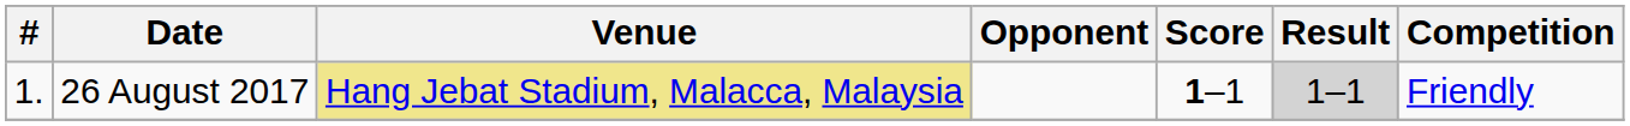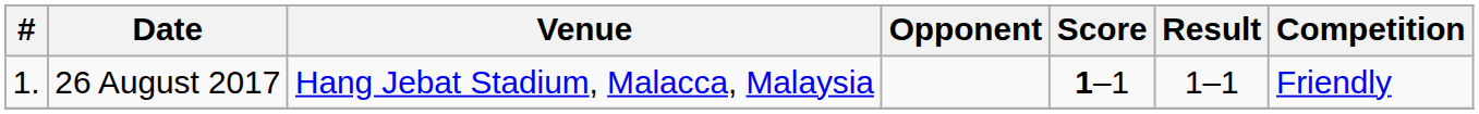 <table class="wikitable">
 <tr>
 <th>#</th>
 <th>Date</th>
 <th>Venue</th>
 <th>Opponent</th>
 <th>Score</th>
 <th>Result</th>
 <th>Competition</th>
 </tr>
 <tr>
 <td>1.</td>
 <td>26 August 2017</td>
-<td style="background: khaki;"><a href='#'>Hang Jebat Stadium</a>, <a href='#'>Malacca</a>, <a href='#'>Malaysia</a></td>
+<td><a href='#'>Hang Jebat Stadium</a>, <a href='#'>Malacca</a>, <a href='#'>Malaysia</a></td>
 <td></td>
 <td align=center><strong>1</strong>–1</td>
-<td align=center style="background: lightgrey;">1–1</td>
+<td align=center>1–1</td>
 <td><a href='#'>Friendly</a></td>
 </tr>
 <tr>
 </tr>
 </table>
